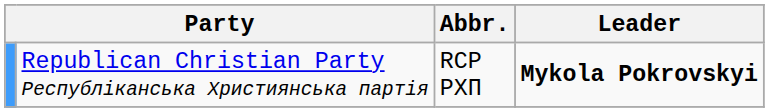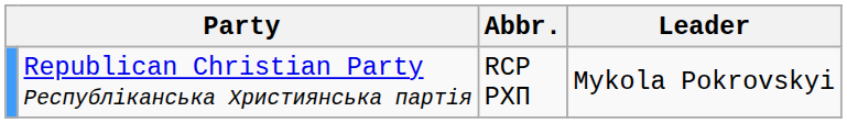 <table class="wikitable">
 <tr>
 <th colspan="2">Party</th>
 <th>Abbr.</th>
 <th>Leader</th>
 </tr>
 <tr>
 <th style="background-color:#3D9CFB;"></th>
 <td><a href='#'>Republican Christian Party</a><br><em><small>Республiканська Християнська партія</small></em></td>
 <td>RCP<br>РХП</td>
-<td><strong>Mykola Pokrovskyi</strong></td>
+<td>Mykola Pokrovskyi</td>
 </tr>
 </table>
